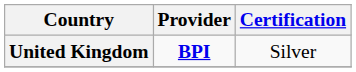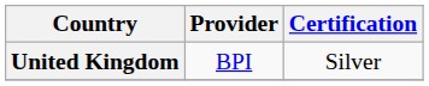 <table class="wikitable plainrowheaders" style="text-align:center">
 <tr>
 <th scope="col">Country</th>
 <th scope="col" class="unsortable">Provider</th>
 <th scope="col"><a href='#'>Certification</a></th>
 </tr>
 <tr>
 <th scope="row">United Kingdom</th>
-<td><strong><a href='#'>BPI</a></strong></td>
+<td><a href='#'>BPI</a></td>
 <td>Silver</td>
 </tr>
 <tr>
 </tr>
 </table>
